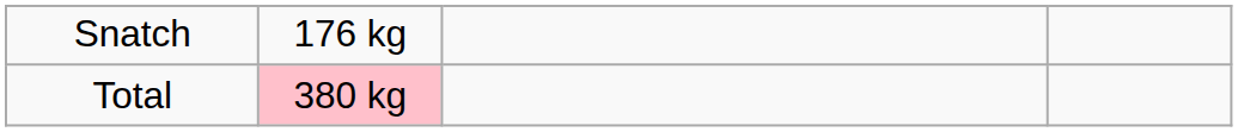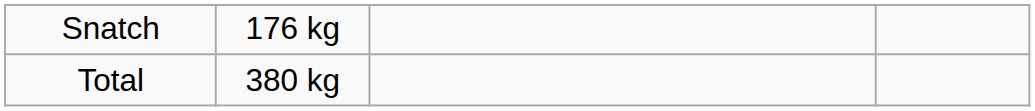 <table class = "wikitable" style="text-align:center;">
 <tr>
 <td width=100>Snatch</td>
 <td width=70>176 kg</td>
 <td width=250 align=left></td>
 <td width=70></td>
 </tr>
 <tr>
 <td>Total</td>
-<td style="background: pink;">380 kg</td>
+<td>380 kg</td>
 <td align=left></td>
 <td></td>
 </tr>
 </table>
